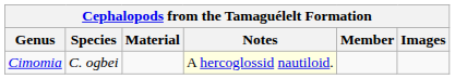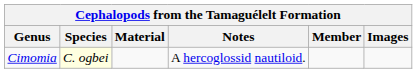 <table class="wikitable">
 <tr>
 <th colspan="6" style="text-align:center"><strong><a href='#'>Cephalopods</a> from the Tamaguélelt Formation</strong></th>
 </tr>
 <tr>
 <th>Genus</th>
 <th>Species</th>
 <th>Material</th>
 <th>Notes</th>
 <th>Member</th>
 <th>Images</th>
 </tr>
 <tr>
 <td><em><a href='#'>Cimomia</a></em></td>
-<td><em>C. ogbei</em></td>
+<td style="background: lightyellow;"><em>C. ogbei</em></td>
 <td></td>
-<td style="background: lightyellow;">A <a href='#'>hercoglossid</a> <a href='#'>nautiloid</a>.</td>
+<td>A <a href='#'>hercoglossid</a> <a href='#'>nautiloid</a>.</td>
 <td></td>
 <td><br></td>
 </tr>
 </table>
